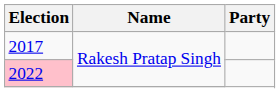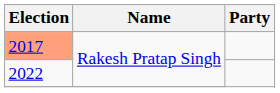 <table class="wikitable sortable">
 <tr>
 <th>Election</th>
 <th>Name</th>
 <th colspan=2>Party</th>
 </tr>
 <tr>
-<td><a href='#'>2017</a></td>
+<td style="background: lightsalmon;"><a href='#'>2017</a></td>
 <td rowspan=2><a href='#'>Rakesh Pratap Singh</a></td>
 <td></td>
 </tr>
 <tr>
-<td style="background: pink;"><a href='#'>2022</a></td>
+<td><a href='#'>2022</a></td>
 </tr>
 <tr>
 </tr>
 </table>
